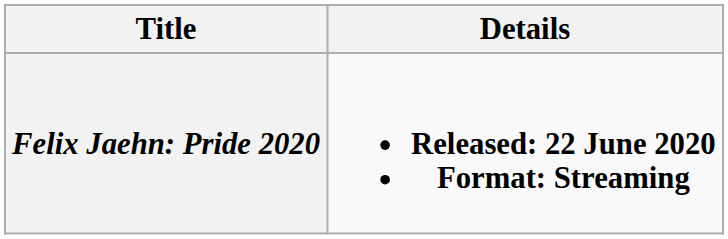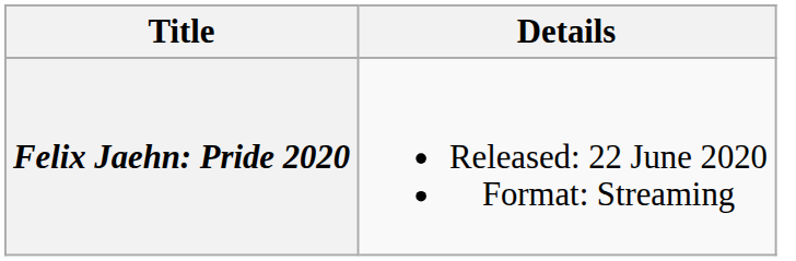 <table class="wikitable plainrowheaders" style="text-align:center;">
 <tr>
 <th scope="col">Title</th>
 <th scope="col">Details</th>
 </tr>
 <tr>
 <th scope="row"><em>Felix Jaehn: Pride 2020</em></th>
-<td><strong><br><ul><li>Released: 22 June 2020</li><li>Format: Streaming</li></ul></strong></td>
+<td><br><ul><li>Released: 22 June 2020</li><li>Format: Streaming</li></ul></td>
 </tr>
 </table>
